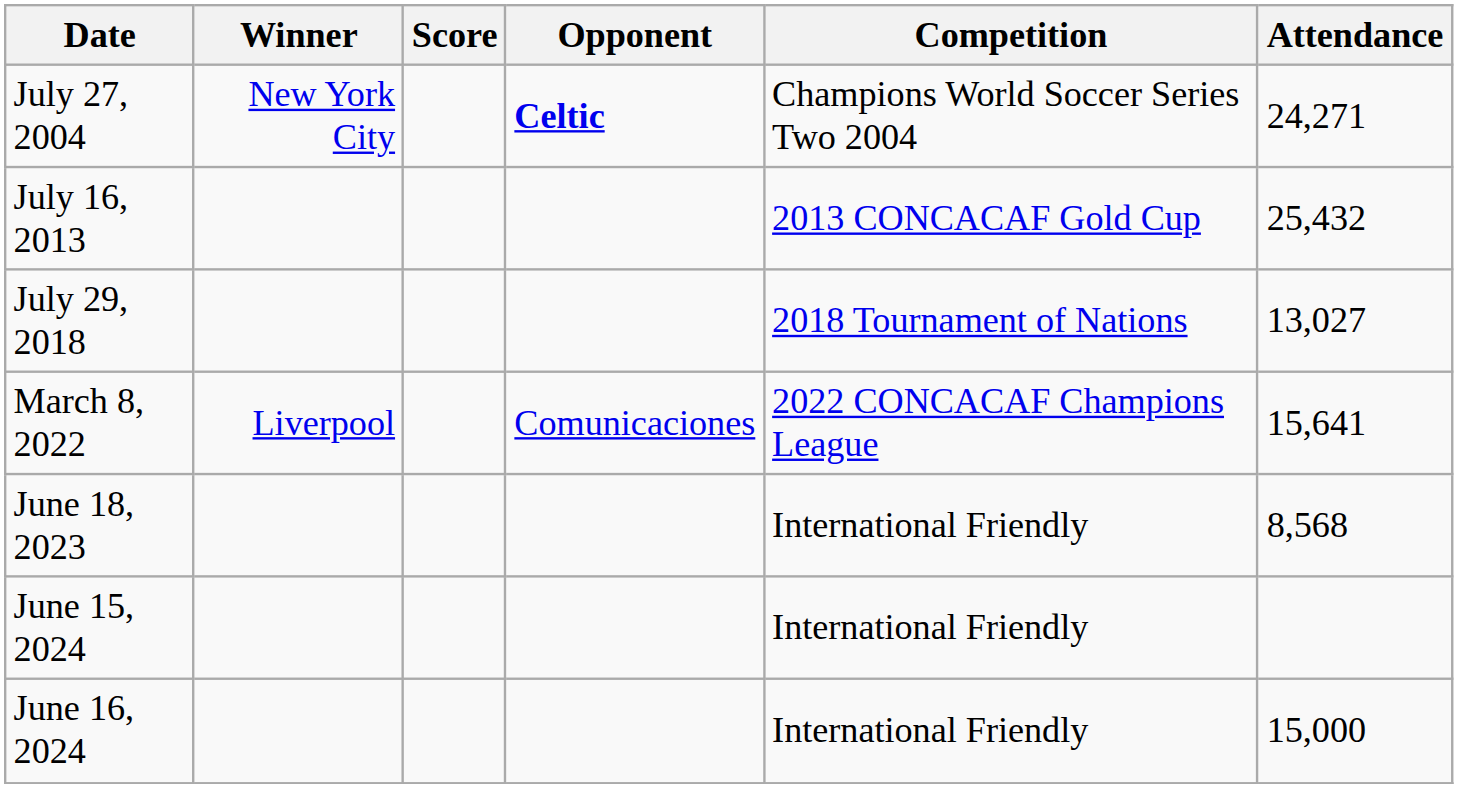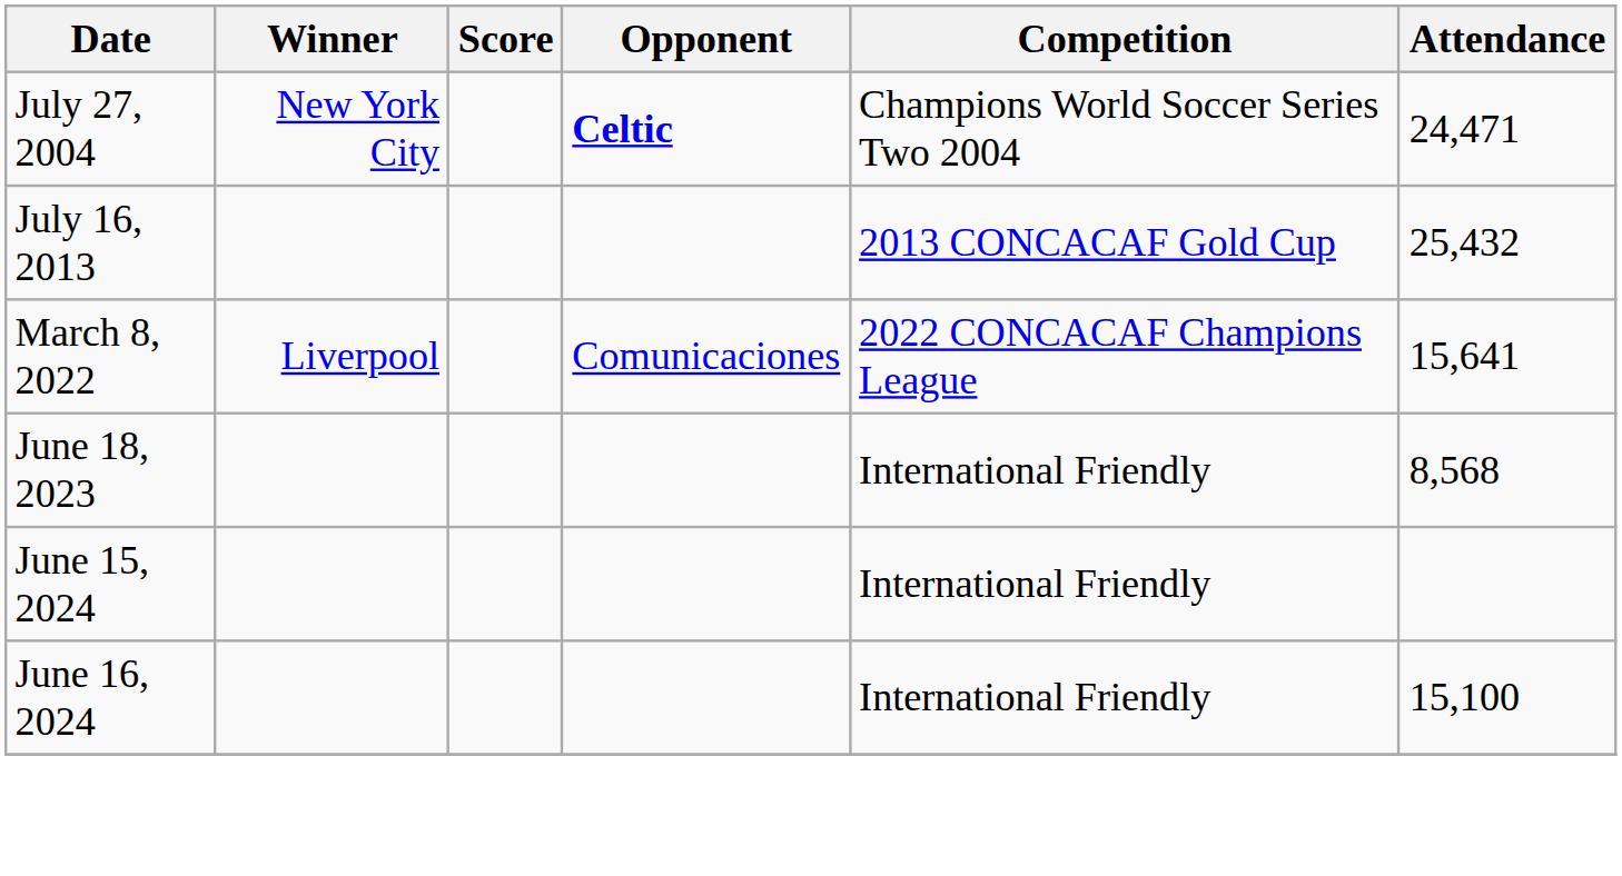 <table class="wikitable" style="font-size: 95%;text-align:;">
 <tr>
 <th>Date</th>
 <th>Winner</th>
 <th>Score</th>
 <th>Opponent</th>
 <th>Competition</th>
 <th>Attendance</th>
 </tr>
 <tr>
 <td>July 27, 2004</td>
 <td align=right><a href='#'>New York City</a> </td>
 <td></td>
 <td><strong> <a href='#'>Celtic</a></strong></td>
 <td>Champions World Soccer Series Two 2004</td>
-<td>24,271</td>
+<td>24,471</td>
 </tr>
 <tr>
 <td>July 16, 2013</td>
 <td align=right></td>
 <td></td>
 <td></td>
 <td><a href='#'>2013 CONCACAF Gold Cup</a></td>
 <td>25,432</td>
-</tr>
-<tr>
-<td>July 29, 2018</td>
-<td align=right></td>
-<td></td>
-<td></td>
-<td><a href='#'>2018 Tournament of Nations</a></td>
-<td>13,027</td>
 </tr>
 <tr>
 <td>March 8, 2022</td>
 <td align=right><a href='#'>Liverpool</a> </td>
 <td></td>
 <td> <a href='#'>Comunicaciones</a></td>
 <td><a href='#'>2022 CONCACAF Champions League</a></td>
 <td>15,641</td>
 </tr>
 <tr>
 <td>June 18, 2023</td>
 <td align=right></td>
 <td></td>
 <td></td>
 <td>International Friendly</td>
 <td>8,568</td>
 </tr>
 <tr>
 <td>June 15, 2024</td>
 <td align=right></td>
 <td></td>
 <td></td>
 <td>International Friendly</td>
 <td></td>
 </tr>
 <tr>
 <td>June 16, 2024</td>
 <td align=right></td>
 <td></td>
 <td></td>
 <td>International Friendly</td>
-<td>15,000</td>
+<td>15,100</td>
 </tr>
 <tr>
 </tr>
 </table>
